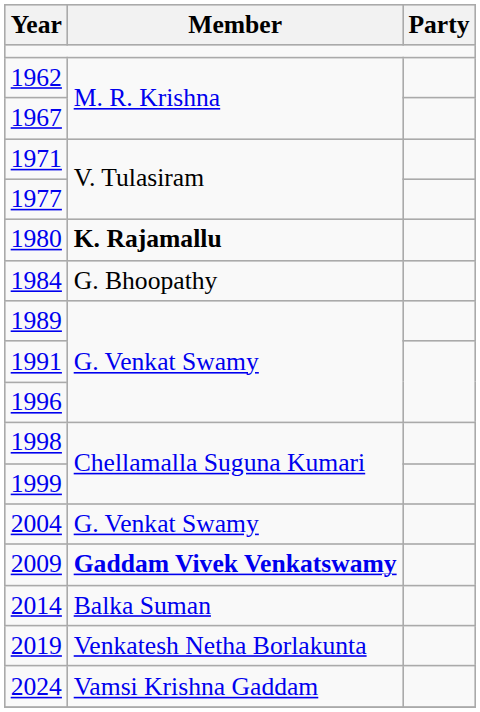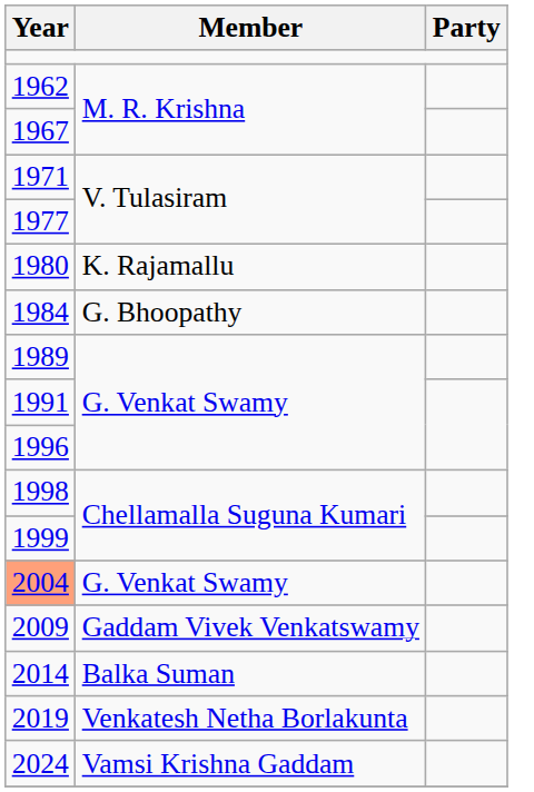 <table class="wikitable">
 <tr>
 <th>Year</th>
 <th>Member</th>
 <th colspan="2">Party</th>
 </tr>
 <tr>
 <td colspan="4"></td>
 </tr>
 <tr>
 <td><a href='#'>1962</a></td>
 <td rowspan="2"><a href='#'>M. R. Krishna</a></td>
 <td></td>
 </tr>
 <tr>
 <td><a href='#'>1967</a></td>
 </tr>
 <tr>
 <td><a href='#'>1971</a></td>
 <td rowspan="2">V. Tulasiram</td>
 <td></td>
 </tr>
 <tr>
 <td><a href='#'>1977</a></td>
 <td></td>
 </tr>
 <tr>
 <td><a href='#'>1980</a></td>
-<td><strong>K. Rajamallu</strong></td>
+<td>K. Rajamallu</td>
 <td></td>
 </tr>
 <tr>
 <td><a href='#'>1984</a></td>
 <td>G. Bhoopathy</td>
 <td></td>
 </tr>
 <tr>
 <td><a href='#'>1989</a></td>
 <td rowspan="3"><a href='#'>G. Venkat Swamy</a></td>
 <td></td>
 </tr>
 <tr>
 <td><a href='#'>1991</a></td>
 </tr>
 <tr>
 <td><a href='#'>1996</a></td>
 </tr>
 <tr>
 <td><a href='#'>1998</a></td>
 <td rowspan="2"><a href='#'>Chellamalla Suguna Kumari</a></td>
 <td></td>
 </tr>
 <tr>
 <td><a href='#'>1999</a></td>
 </tr>
 <tr>
-<td><a href='#'>2004</a></td>
+<td style="background: lightsalmon;"><a href='#'>2004</a></td>
 <td><a href='#'>G. Venkat Swamy</a></td>
 <td></td>
 </tr>
 <tr>
 <td><a href='#'>2009</a></td>
-<td><strong><a href='#'>Gaddam Vivek Venkatswamy</a></strong></td>
+<td><a href='#'>Gaddam Vivek Venkatswamy</a></td>
 </tr>
 <tr>
 <td><a href='#'>2014</a></td>
 <td><a href='#'>Balka Suman</a></td>
 <td></td>
 </tr>
 <tr>
 <td><a href='#'>2019</a></td>
 <td><a href='#'>Venkatesh Netha Borlakunta</a></td>
 </tr>
 <tr>
 <td><a href='#'>2024</a></td>
 <td><a href='#'>Vamsi Krishna Gaddam</a></td>
 <td></td>
 </tr>
 <tr>
 </tr>
 </table>
